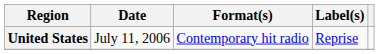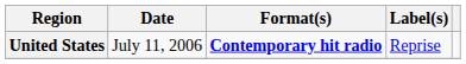 <table class="wikitable plainrowheaders">
 <tr>
 <th scope="col">Region</th>
 <th scope="col">Date</th>
 <th scope="col">Format(s)</th>
 <th scope="col">Label(s)</th>
 <th scope="col"></th>
 </tr>
 <tr>
 <th scope="row">United States</th>
 <td>July 11, 2006</td>
-<td><a href='#'>Contemporary hit radio</a></td>
+<td><strong><a href='#'>Contemporary hit radio</a></strong></td>
 <td><a href='#'>Reprise</a></td>
 <td align="center"></td>
 </tr>
 <tr>
 </tr>
 </table>
